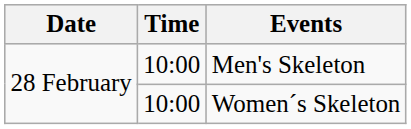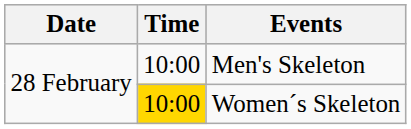 <table class="wikitable" border="1">
 <tr>
 <th>Date</th>
 <th>Time</th>
 <th>Events</th>
 </tr>
 <tr>
 <td rowspan=2>28 February</td>
 <td>10:00</td>
 <td>Men's Skeleton</td>
 </tr>
 <tr>
-<td>10:00</td>
+<td style="background: gold;">10:00</td>
 <td>Women´s Skeleton</td>
 </tr>
 </table>
